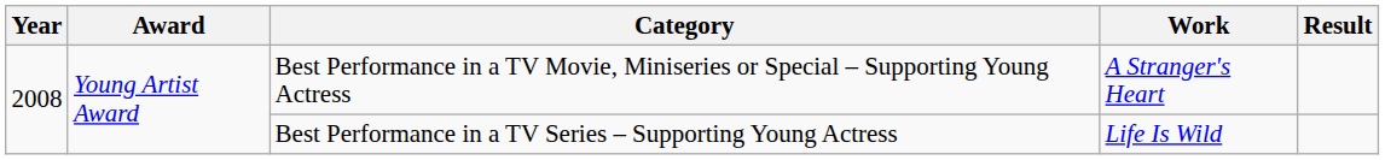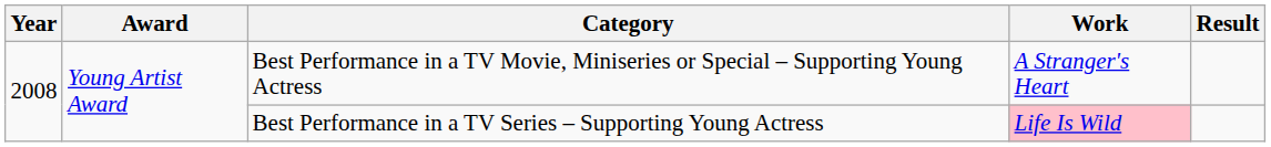 <table class="wikitable">
 <tr>
 <th>Year</th>
 <th>Award</th>
 <th>Category</th>
 <th>Work</th>
 <th>Result</th>
 </tr>
 <tr>
 <td rowspan=2>2008</td>
 <td rowspan=2><em><a href='#'>Young Artist Award</a></em></td>
 <td>Best Performance in a TV Movie, Miniseries or Special – Supporting Young Actress</td>
 <td><em><a href='#'>A Stranger's Heart</a></em></td>
 <td></td>
 </tr>
 <tr>
 <td>Best Performance in a TV Series – Supporting Young Actress</td>
-<td><em><a href='#'>Life Is Wild</a></em></td>
+<td style="background: pink;"><em><a href='#'>Life Is Wild</a></em></td>
 <td></td>
 </tr>
 </table>
